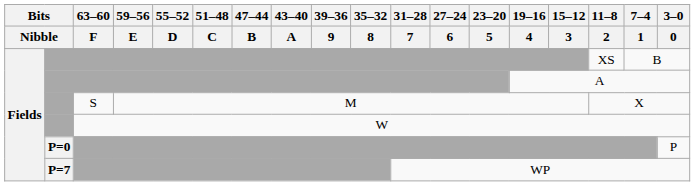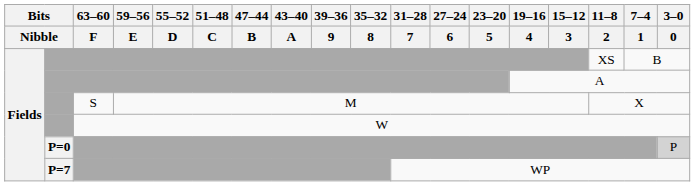 <table class="wikitable" style="margin-left:auto;margin-right:auto;border:none;font-size:85%;">
 <tr>
 <th colspan="2">Bits</th>
 <th>63–60</th>
 <th>59–56</th>
 <th>55–52</th>
 <th>51–48</th>
 <th>47–44</th>
 <th>43–40</th>
 <th>39–36</th>
 <th>35–32</th>
 <th>31–28</th>
 <th>27–24</th>
 <th>23–20</th>
 <th>19–16</th>
 <th>15–12</th>
 <th>11–8 </th>
 <th> 7–4 </th>
 <th> 3–0 </th>
 </tr>
 <tr>
 <th colspan="2">Nibble</th>
 <th>F</th>
 <th>E</th>
 <th>D</th>
 <th>C</th>
 <th>B</th>
 <th>A</th>
 <th>9</th>
 <th>8</th>
 <th>7</th>
 <th>6</th>
 <th>5</th>
 <th>4</th>
 <th>3</th>
 <th>2</th>
 <th>1</th>
 <th>0</th>
 </tr>
 <tr align="center">
 <th rowspan="6">Fields</th>
 <td colspan="14" style="background-color:darkgray"> </td>
 <td>XS</td>
 <td colspan="2">B</td>
 </tr>
 <tr align="center">
 <td colspan="12" style="background-color:darkgray"> </td>
 <td colspan="5">A</td>
 </tr>
 <tr align="center">
 <th style="background-color:darkgray"></th>
 <td>S</td>
 <td colspan="12">M</td>
 <td colspan="3">X</td>
 </tr>
 <tr align="center">
 <th style="background-color:darkgray"></th>
 <td colspan="16">W</td>
 </tr>
 <tr align="center">
 <th>P=0</th>
 <td colspan="15" style="background-color:darkgray"> </td>
-<td>P</td>
+<td style="background: lightgrey;">P</td>
 </tr>
 <tr align="center">
 <th>P=7</th>
 <td colspan="8" style="background-color:darkgray"> </td>
 <td colspan="8">WP</td>
 </tr>
 </table>
